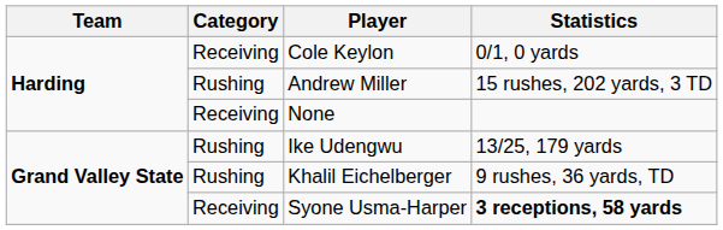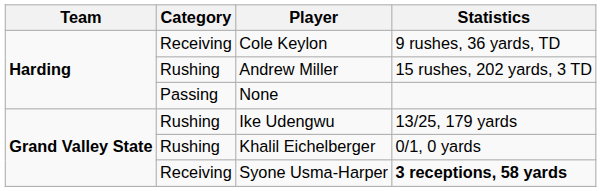 <table class="wikitable" style="float: right;">
 <tr>
 <th>Team</th>
 <th>Category</th>
 <th>Player</th>
 <th>Statistics</th>
 </tr>
 <tr>
 <td rowspan=3><strong>Harding</strong></td>
 <td>Receiving</td>
 <td>Cole Keylon</td>
-<td>0/1, 0 yards</td>
+<td>9 rushes, 36 yards, TD</td>
 </tr>
 <tr>
 <td>Rushing</td>
 <td>Andrew Miller</td>
 <td>15 rushes, 202 yards, 3 TD</td>
 </tr>
 <tr>
-<td>Receiving</td>
+<td>Passing</td>
 <td>None</td>
 <td></td>
 </tr>
 <tr>
 <td rowspan=3><strong>Grand Valley State</strong></td>
 <td>Rushing</td>
 <td>Ike Udengwu</td>
 <td>13/25, 179 yards</td>
 </tr>
 <tr>
 <td>Rushing</td>
 <td>Khalil Eichelberger</td>
-<td>9 rushes, 36 yards, TD</td>
+<td>0/1, 0 yards</td>
 </tr>
 <tr>
 <td>Receiving</td>
 <td>Syone Usma-Harper</td>
 <td><strong>3 receptions, 58 yards</strong></td>
 </tr>
 </table>
